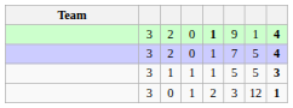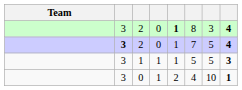 <table class="wikitable" style="text-align:center;">
 <tr>
 <th width=165>Team</th>
 <th width=20></th>
 <th width=20></th>
 <th width=20></th>
 <th width=20></th>
 <th width=20></th>
 <th width=20></th>
 <th width=20></th>
 </tr>
 <tr style="background:#cfc;">
 <td align="left"></td>
 <td>3</td>
 <td>2</td>
 <td>0</td>
 <td><strong>1</strong></td>
-<td>9</td>
-<td>1</td>
+<td>8</td>
+<td>3</td>
 <td><strong>4</strong></td>
 </tr>
 <tr style="background:#ccccff;">
 <td align="left"></td>
-<td>3</td>
+<td><strong>3</strong></td>
 <td>2</td>
 <td>0</td>
 <td>1</td>
 <td>7</td>
 <td>5</td>
 <td><strong>4</strong></td>
 </tr>
 <tr>
 <td align="left"></td>
 <td>3</td>
 <td>1</td>
 <td>1</td>
 <td>1</td>
 <td>5</td>
 <td>5</td>
 <td><strong>3</strong></td>
 </tr>
 <tr>
 <td align="left"></td>
 <td>3</td>
 <td>0</td>
 <td>1</td>
 <td>2</td>
-<td>3</td>
-<td>12</td>
+<td>4</td>
+<td>10</td>
 <td><strong>1</strong></td>
 </tr>
 </table>
